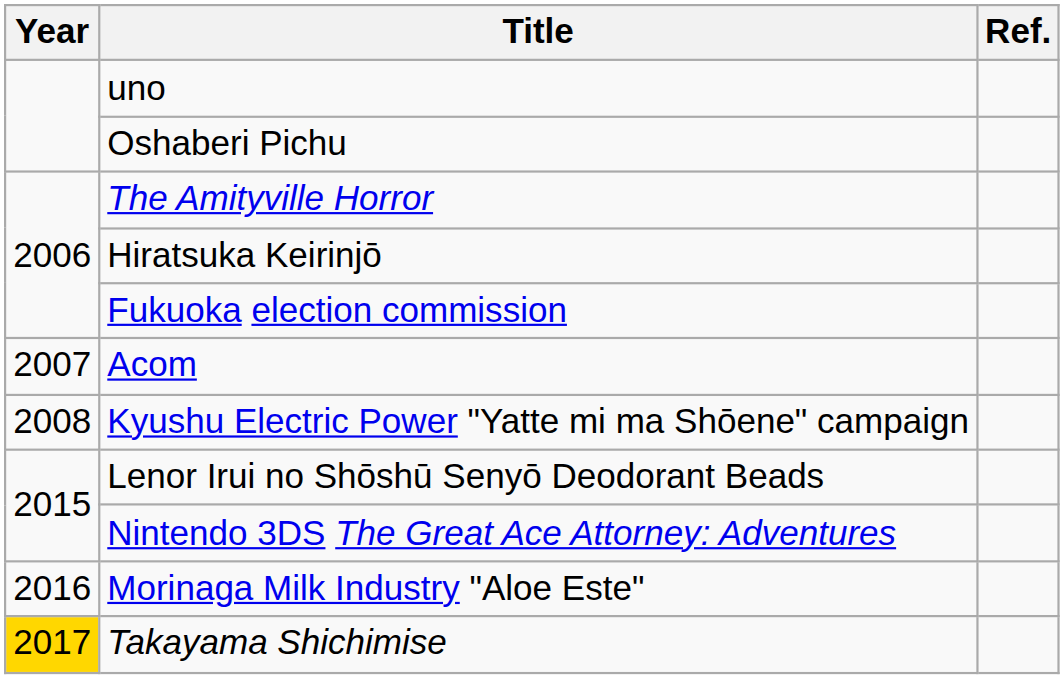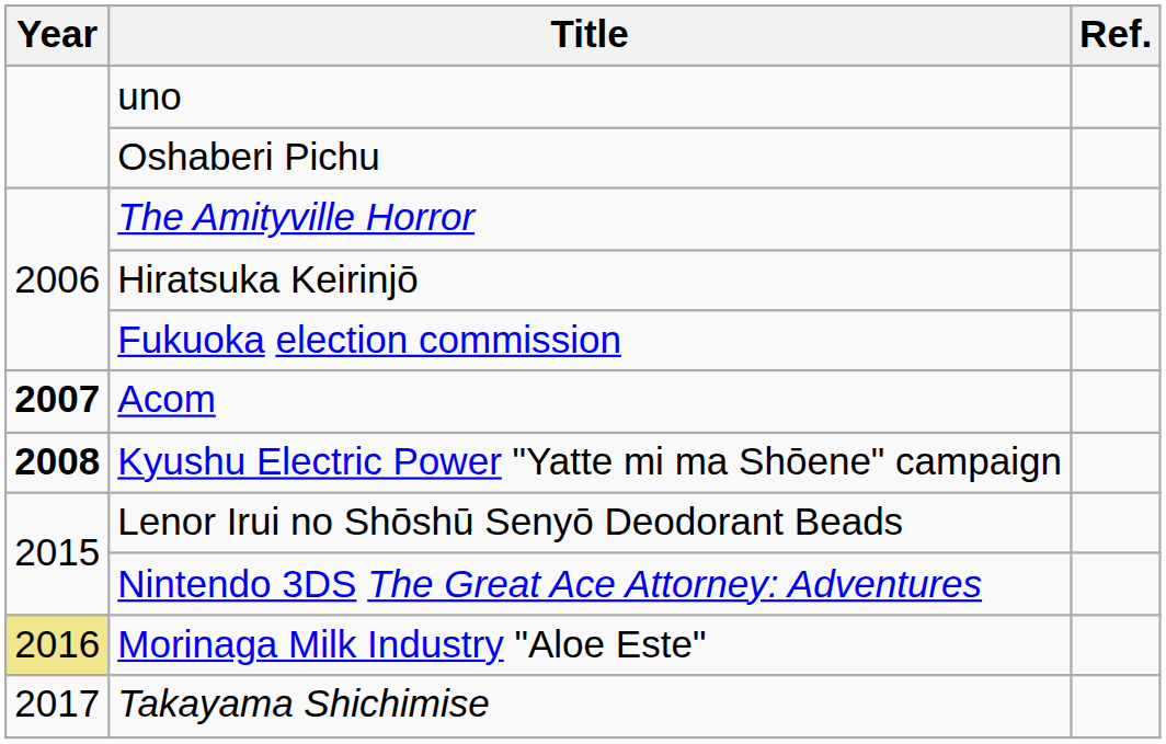 <table class="wikitable">
 <tr>
 <th>Year</th>
 <th>Title</th>
 <th>Ref.</th>
 </tr>
 <tr>
 <td rowspan="2"></td>
 <td>uno</td>
 <td></td>
 </tr>
 <tr>
 <td>Oshaberi Pichu</td>
 <td></td>
 </tr>
 <tr>
 <td rowspan="3">2006</td>
 <td><em><a href='#'>The Amityville Horror</a></em></td>
 <td></td>
 </tr>
 <tr>
 <td>Hiratsuka Keirinjō</td>
 <td></td>
 </tr>
 <tr>
 <td><a href='#'>Fukuoka</a> <a href='#'>election commission</a></td>
 <td></td>
 </tr>
 <tr>
-<td>2007</td>
+<td><strong>2007</strong></td>
 <td><a href='#'>Acom</a></td>
 <td></td>
 </tr>
 <tr>
-<td>2008</td>
+<td><strong>2008</strong></td>
 <td><a href='#'>Kyushu Electric Power</a> "Yatte mi ma Shōene" campaign</td>
 <td></td>
 </tr>
 <tr>
 <td rowspan="2">2015</td>
 <td>Lenor Irui no Shōshū Senyō Deodorant Beads</td>
 <td></td>
 </tr>
 <tr>
 <td><a href='#'>Nintendo 3DS</a> <em><a href='#'>The Great Ace Attorney: Adventures</a></em></td>
 <td></td>
 </tr>
 <tr>
-<td>2016</td>
+<td style="background: khaki;">2016</td>
 <td><a href='#'>Morinaga Milk Industry</a> "Aloe Este"</td>
 <td></td>
 </tr>
 <tr>
-<td style="background: gold;">2017</td>
+<td>2017</td>
 <td><em>Takayama Shichimise</em></td>
 <td></td>
 </tr>
 </table>
